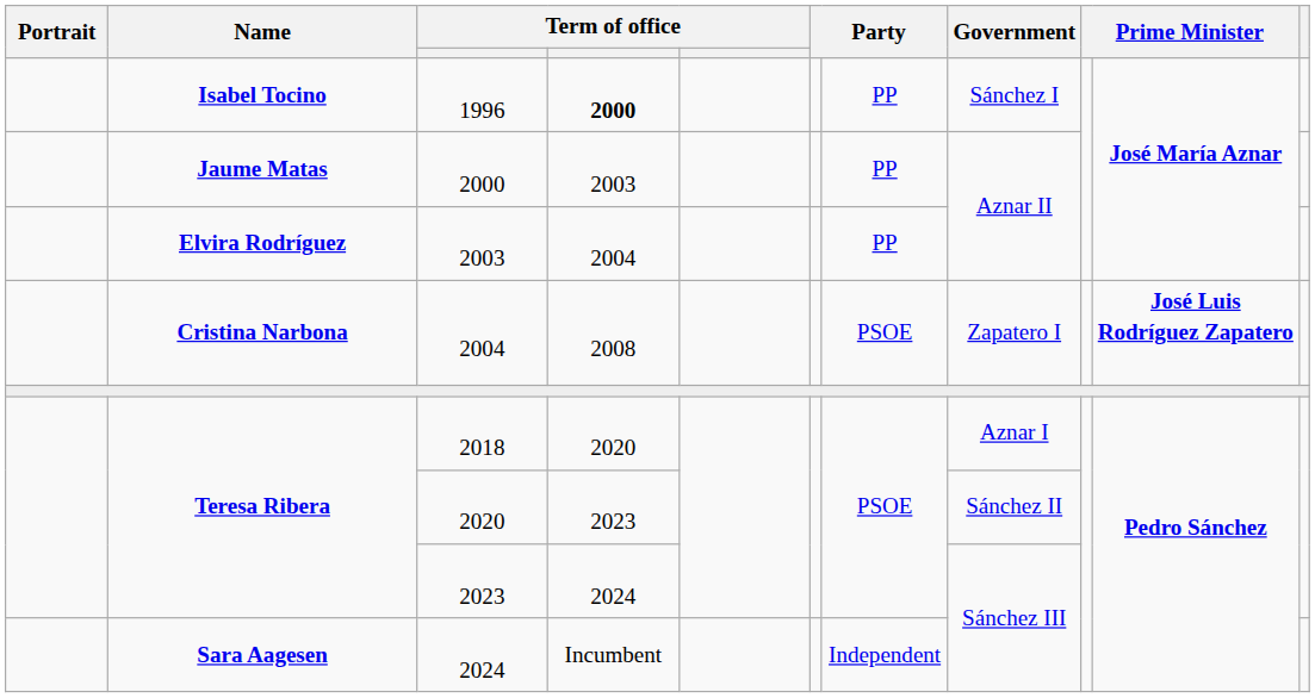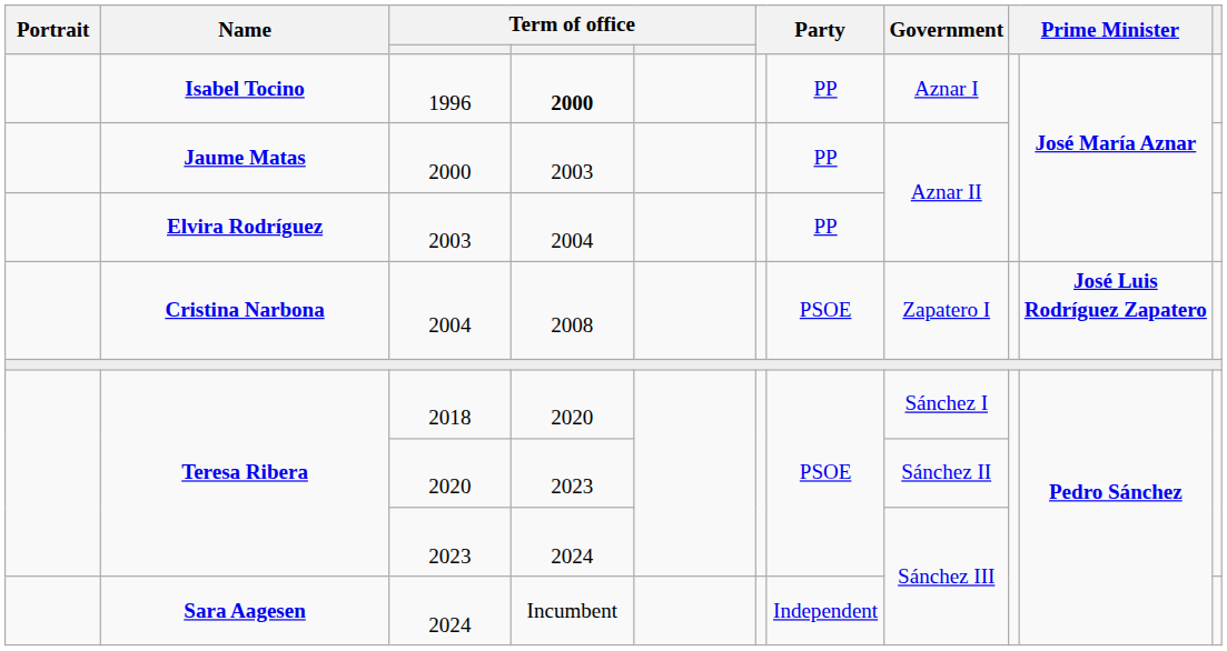 <table class="wikitable" style="line-height:1.4em; text-align:center; border:1px #aaf solid;">
 <tr>
 <th rowspan="2" width="65">Portrait</th>
 <th rowspan="2" width="210">Name<br></th>
 <th colspan="3">Term of office</th>
 <th rowspan="2" colspan="2" width="90">Party</th>
 <th rowspan="2">Government</th>
 <th rowspan="2" colspan="2"><a href='#'>Prime Minister</a><br></th>
 <th rowspan="2"></th>
 </tr>
 <tr>
 <th width="85"></th>
 <th width="85"></th>
 <th width="85"></th>
 </tr>
 <tr>
 <td></td>
 <td><strong><a href='#'>Isabel Tocino</a></strong><br></td>
 <td class="nowrap"><br>1996</td>
 <td class="nowrap"><strong><br>2000</strong></td>
 <td style="font-size:95%;"></td>
 <td width="1" style="color:inherit;background:"></td>
 <td><a href='#'>PP</a></td>
-<td><a href='#'>Sánchez I</a></td>
+<td><a href='#'>Aznar I</a></td>
 <td width="1" rowspan="3" style="color:inherit;background:"></td>
 <td rowspan="3"><strong><a href='#'>José María Aznar</a></strong><br><br></td>
 <td align="center"><br></td>
 </tr>
 <tr>
 <td></td>
 <td><strong><a href='#'>Jaume Matas</a></strong><br></td>
 <td class="nowrap"><br>2000</td>
 <td class="nowrap"><br>2003</td>
 <td style="font-size:95%;"></td>
 <td style="color:inherit;background:"></td>
 <td><a href='#'>PP</a></td>
 <td rowspan="2"><a href='#'>Aznar II</a></td>
 <td align="center"><br></td>
 </tr>
 <tr>
 <td></td>
 <td><strong><a href='#'>Elvira Rodríguez</a></strong><br></td>
 <td class="nowrap"><br>2003</td>
 <td class="nowrap"><br>2004</td>
 <td style="font-size:95%;"></td>
 <td style="color:inherit;background:"></td>
 <td><a href='#'>PP</a></td>
 <td align="center"><br></td>
 </tr>
 <tr>
 <td></td>
 <td><strong><a href='#'>Cristina Narbona</a></strong><br></td>
 <td class="nowrap"><br>2004</td>
 <td class="nowrap"><br>2008</td>
 <td style="font-size:95%;"></td>
 <td style="color:inherit;background:"></td>
 <td><a href='#'>PSOE</a></td>
 <td><a href='#'>Zapatero I</a></td>
 <td style="color:inherit;background:"></td>
 <td><strong><a href='#'>José Luis<br>Rodríguez Zapatero</a></strong><br><br></td>
 <td align="center"><br></td>
 </tr>
 <tr>
 <td colspan="11" style="color:inherit;background:#EEEEEE;"></td>
 </tr>
 <tr>
 <td rowspan="3"></td>
 <td rowspan="3"><strong><a href='#'>Teresa Ribera</a></strong><br></td>
 <td class="nowrap"><br>2018</td>
 <td class="nowrap"><br>2020</td>
 <td rowspan="3" style="font-size:95%;"></td>
 <td rowspan="3" style="color:inherit;background:"></td>
 <td rowspan="3"><a href='#'>PSOE</a></td>
-<td><a href='#'>Aznar I</a></td>
+<td><a href='#'>Sánchez I</a></td>
 <td rowspan="4" style="color:inherit;background:"></td>
 <td rowspan="4"><strong><a href='#'>Pedro Sánchez</a></strong><br><br></td>
 <td rowspan="3" align="center"><br><br><br></td>
 </tr>
 <tr>
 <td class="nowrap"><br>2020</td>
 <td class="nowrap"><br>2023</td>
 <td><a href='#'>Sánchez II</a></td>
 </tr>
 <tr>
 <td class="nowrap"><br>2023</td>
 <td class="nowrap"><br>2024</td>
 <td rowspan="2"><a href='#'>Sánchez III</a></td>
 </tr>
 <tr>
 <td></td>
 <td><strong><a href='#'>Sara Aagesen</a></strong><br></td>
 <td class="nowrap"><br>2024</td>
 <td class="nowrap">Incumbent</td>
 <td style="font-size:95%;"></td>
 <td style="color:inherit;background-color:"></td>
 <td><a href='#'>Independent</a></td>
 <td align="center"></td>
 </tr>
 </table>
